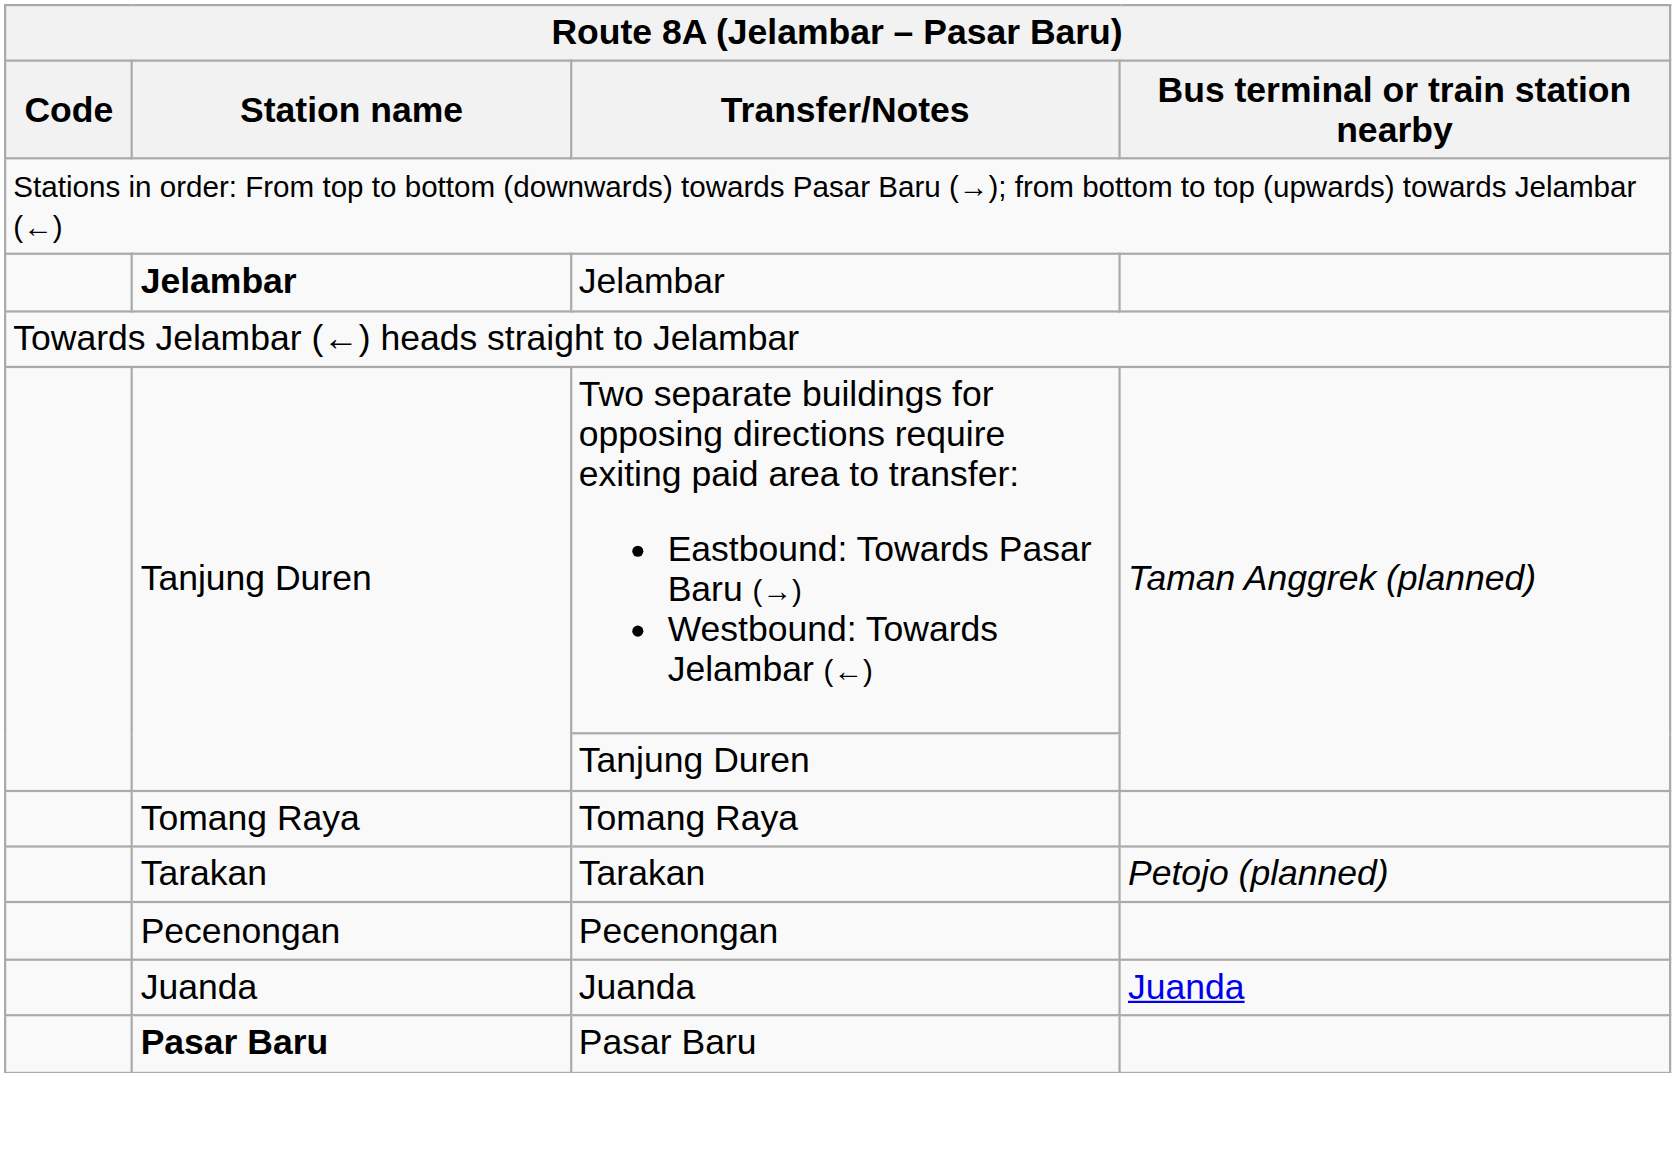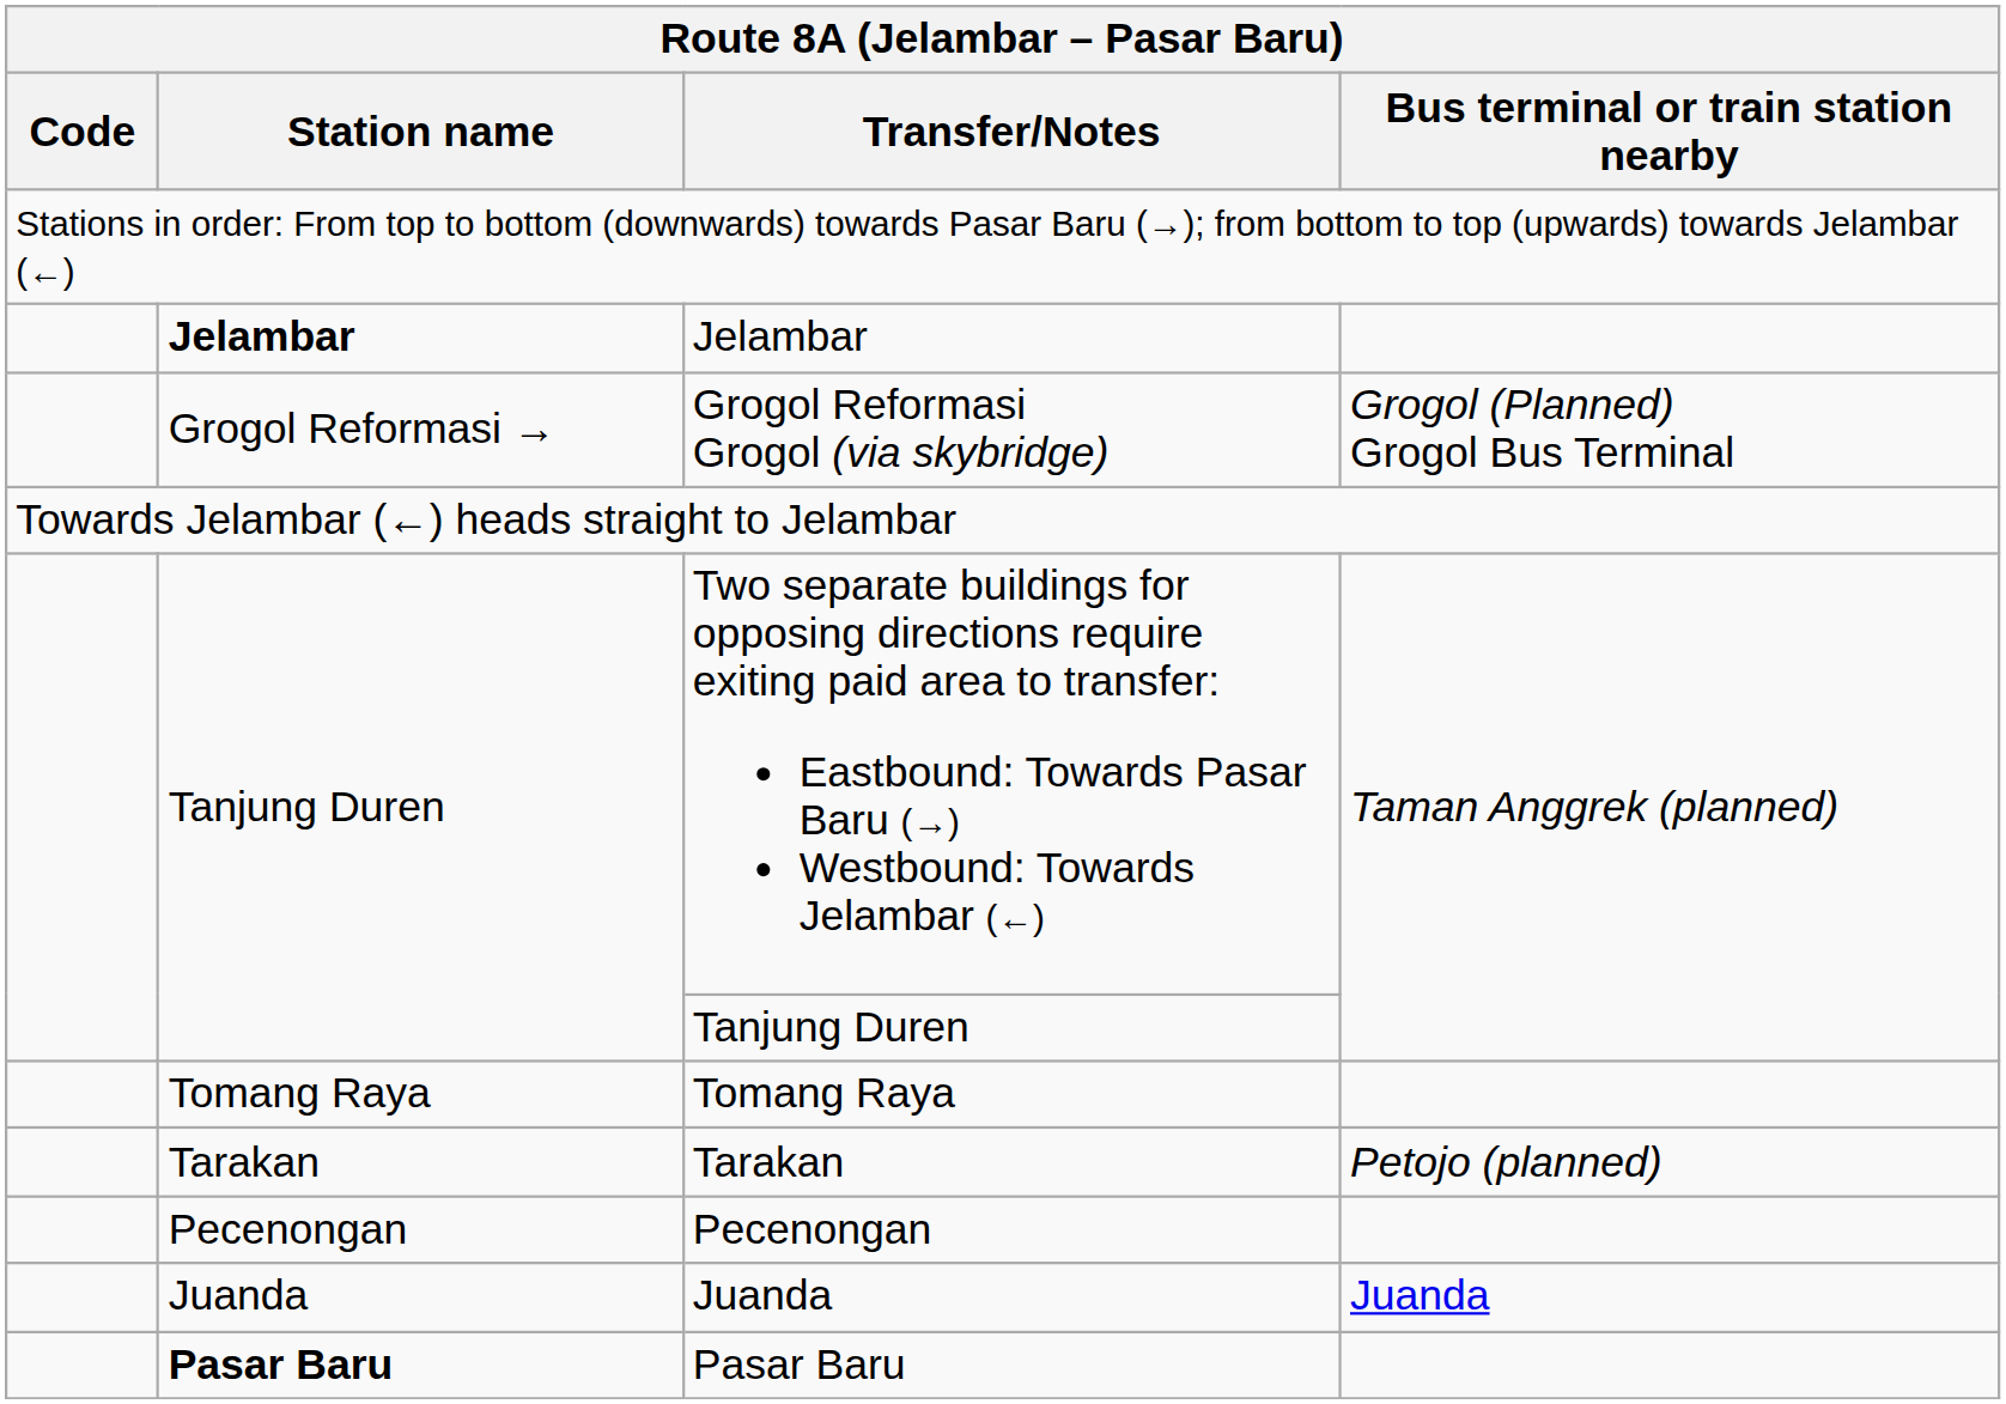 <table class="wikitable" style="font-size:100%">
 <tr>
 <th colspan="4" align="left"> Route 8A (Jelambar – Pasar Baru)</th>
 </tr>
 <tr>
 <th width="50">Code</th>
 <th width="190">Station name</th>
 <th width="240">Transfer/Notes</th>
 <th width="240">Bus terminal or train station nearby</th>
 </tr>
 <tr>
 <td colspan="4"><small>Stations in order: From top to bottom (downwards) towards Pasar Baru (→); from bottom to top (upwards) towards Jelambar (←)</small></td>
 </tr>
 <tr>
 <td align="center"><strong></strong><br><strong></strong></td>
 <td><strong>Jelambar</strong></td>
 <td>    Jelambar</td>
 <td> </td>
+</tr>
+<tr>
+<td align="center"><strong></strong><br><strong></strong></td>
+<td>Grogol Reformasi →</td>
+<td>   Grogol Reformasi<br>  Grogol <em>(via skybridge)</em></td>
+<td> <em>Grogol (Planned)</em><br> Grogol Bus Terminal</td>
 </tr>
 <tr>
 <td colspan="4">Towards Jelambar (←) heads straight to Jelambar</td>
 </tr>
 <tr>
 <td rowspan="2" align="center"><strong></strong><br><strong></strong></td>
 <td rowspan="2">Tanjung Duren</td>
 <td>Two separate buildings for opposing directions require exiting paid area to transfer:<br><ul><li>Eastbound: Towards Pasar Baru <small>(→)</small></li><li>Westbound: Towards Jelambar <small>(←)</small></li></ul></td>
 <td rowspan="2"> <em>Taman Anggrek (planned)</em></td>
 </tr>
 <tr>
 <td>   Tanjung Duren</td>
 </tr>
 <tr>
 <td align="center"><strong></strong></td>
 <td>Tomang Raya</td>
 <td> Tomang Raya</td>
 <td></td>
 </tr>
 <tr>
 <td align="center"><strong></strong></td>
 <td>Tarakan</td>
 <td> Tarakan</td>
 <td> <em>Petojo (planned)</em></td>
 </tr>
 <tr>
 <td align="center"><strong></strong><br><strong></strong></td>
 <td>Pecenongan</td>
 <td>    Pecenongan</td>
 <td></td>
 </tr>
 <tr>
 <td align="center"><strong></strong><br><strong></strong></td>
 <td>Juanda</td>
 <td>    Juanda</td>
 <td> <a href='#'>Juanda</a></td>
 </tr>
 <tr>
 <td align="center"><strong></strong></td>
 <td><strong>Pasar Baru</strong></td>
 <td> Pasar Baru</td>
 <td></td>
 </tr>
 </table>
